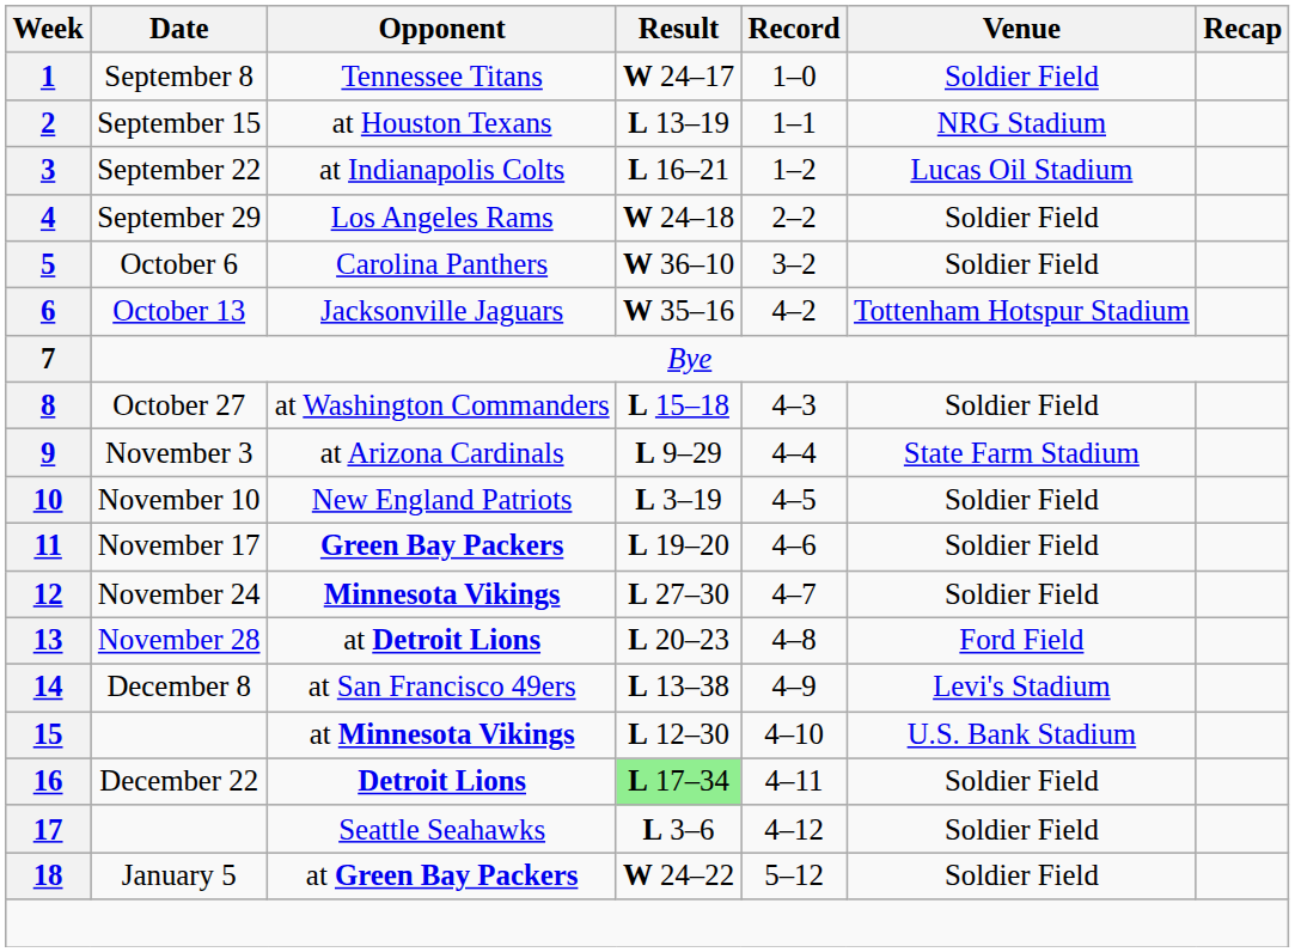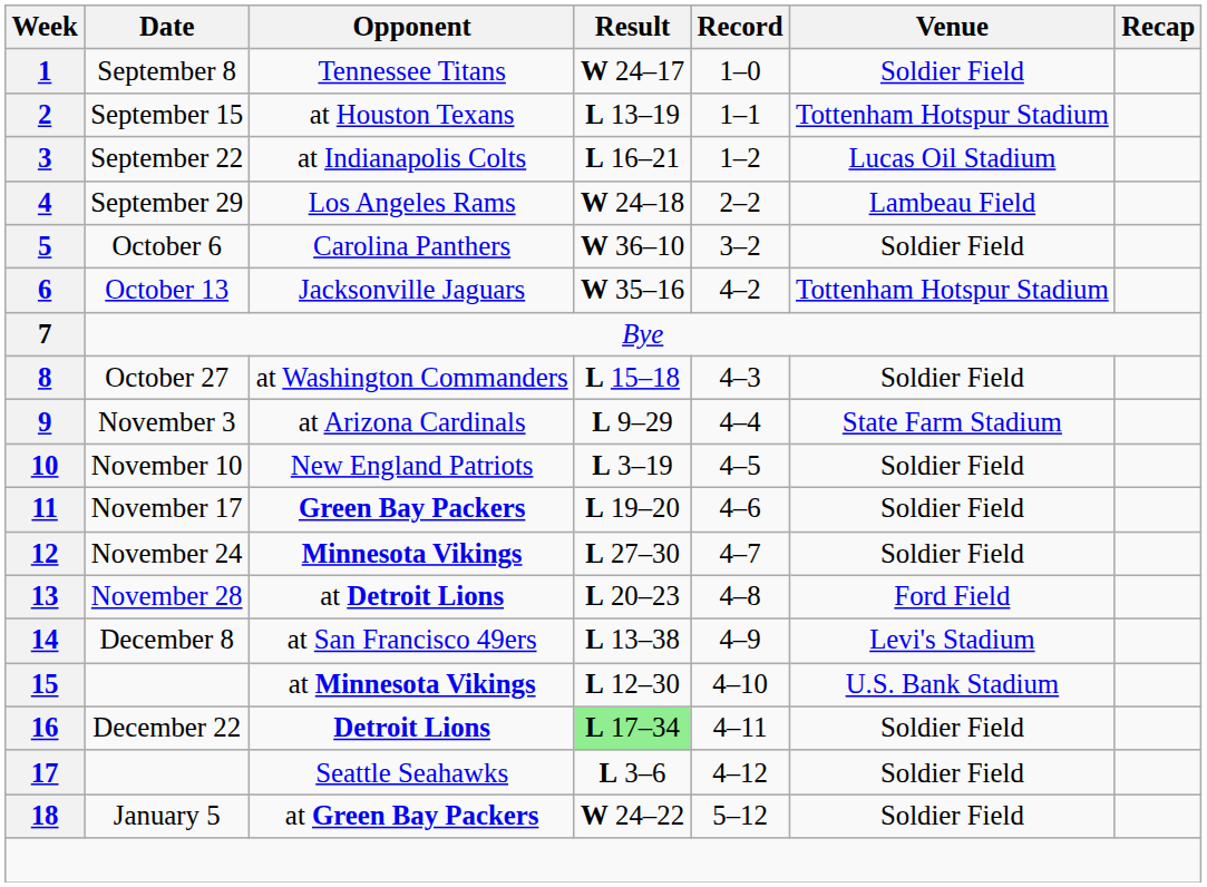 <table class="wikitable" style="text-align:center">
 <tr>
 <th>Week</th>
 <th>Date</th>
 <th>Opponent</th>
 <th>Result</th>
 <th>Record</th>
 <th>Venue</th>
 <th>Recap</th>
 </tr>
 <tr>
 <th><a href='#'>1</a></th>
 <td>September 8</td>
 <td><a href='#'>Tennessee Titans</a></td>
 <td><strong>W</strong> 24–17</td>
 <td>1–0</td>
 <td><a href='#'>Soldier Field</a></td>
 <td></td>
 </tr>
 <tr>
 <th><a href='#'>2</a></th>
 <td>September 15</td>
 <td>at <a href='#'>Houston Texans</a></td>
 <td><strong>L</strong> 13–19</td>
 <td>1–1</td>
-<td><a href='#'>NRG Stadium</a></td>
+<td> <a href='#'>Tottenham Hotspur Stadium</a> </td>
 <td></td>
 </tr>
 <tr>
 <th><a href='#'>3</a></th>
 <td>September 22</td>
 <td>at <a href='#'>Indianapolis Colts</a></td>
 <td><strong>L</strong> 16–21</td>
 <td>1–2</td>
 <td><a href='#'>Lucas Oil Stadium</a></td>
 <td></td>
 </tr>
 <tr>
 <th><a href='#'>4</a></th>
 <td>September 29</td>
 <td><a href='#'>Los Angeles Rams</a></td>
 <td><strong>W</strong> 24–18</td>
 <td>2–2</td>
-<td>Soldier Field</td>
+<td><a href='#'>Lambeau Field</a></td>
 <td></td>
 </tr>
 <tr>
 <th><a href='#'>5</a></th>
 <td>October 6</td>
 <td><a href='#'>Carolina Panthers</a></td>
 <td><strong>W</strong> 36–10</td>
 <td>3–2</td>
 <td>Soldier Field</td>
 <td></td>
 </tr>
 <tr>
 <th><a href='#'>6</a></th>
 <td><a href='#'>October 13</a></td>
 <td><a href='#'>Jacksonville Jaguars</a></td>
 <td><strong>W</strong> 35–16</td>
 <td>4–2</td>
 <td> <a href='#'>Tottenham Hotspur Stadium</a> </td>
 <td></td>
 </tr>
 <tr>
 <th>7</th>
 <td colspan="6"><em><a href='#'>Bye</a></em></td>
 </tr>
 <tr>
 <th><a href='#'>8</a></th>
 <td>October 27</td>
 <td>at <a href='#'>Washington Commanders</a></td>
 <td><strong>L</strong> <a href='#'>15–18</a></td>
 <td>4–3</td>
 <td>Soldier Field</td>
 <td></td>
 </tr>
 <tr>
 <th><a href='#'>9</a></th>
 <td>November 3</td>
 <td>at <a href='#'>Arizona Cardinals</a></td>
 <td><strong>L</strong> 9–29</td>
 <td>4–4</td>
 <td><a href='#'>State Farm Stadium</a></td>
 <td></td>
 </tr>
 <tr>
 <th><a href='#'>10</a></th>
 <td>November 10</td>
 <td><a href='#'>New England Patriots</a></td>
 <td><strong>L</strong> 3–19</td>
 <td>4–5</td>
 <td>Soldier Field</td>
 <td></td>
 </tr>
 <tr>
 <th><a href='#'>11</a></th>
 <td>November 17</td>
 <td><strong><a href='#'>Green Bay Packers</a></strong></td>
 <td><strong>L</strong> 19–20</td>
 <td>4–6</td>
 <td>Soldier Field</td>
 <td></td>
 </tr>
 <tr>
 <th><a href='#'>12</a></th>
 <td>November 24</td>
 <td><strong><a href='#'>Minnesota Vikings</a></strong></td>
 <td><strong>L</strong> 27–30 </td>
 <td>4–7</td>
 <td>Soldier Field</td>
 <td></td>
 </tr>
 <tr>
 <th><a href='#'>13</a></th>
 <td><a href='#'>November 28</a></td>
 <td>at <strong><a href='#'>Detroit Lions</a></strong></td>
 <td><strong>L</strong> 20–23</td>
 <td>4–8</td>
 <td><a href='#'>Ford Field</a></td>
 <td></td>
 </tr>
 <tr>
 <th><a href='#'>14</a></th>
 <td>December 8</td>
 <td>at <a href='#'>San Francisco 49ers</a></td>
 <td><strong>L</strong> 13–38</td>
 <td>4–9</td>
 <td><a href='#'>Levi's Stadium</a></td>
 <td></td>
 </tr>
 <tr>
 <th><a href='#'>15</a></th>
 <td></td>
 <td>at <strong><a href='#'>Minnesota Vikings</a></strong></td>
 <td><strong>L</strong> 12–30</td>
 <td>4–10</td>
 <td><a href='#'>U.S. Bank Stadium</a></td>
 <td></td>
 </tr>
 <tr>
 <th><a href='#'>16</a></th>
 <td>December 22</td>
 <td><strong><a href='#'>Detroit Lions</a></strong></td>
 <td style="background: lightgreen;"><strong>L</strong> 17–34</td>
 <td>4–11</td>
 <td>Soldier Field</td>
 <td></td>
 </tr>
 <tr>
 <th><a href='#'>17</a></th>
 <td></td>
 <td><a href='#'>Seattle Seahawks</a></td>
 <td><strong>L</strong> 3–6</td>
 <td>4–12</td>
 <td>Soldier Field</td>
 <td></td>
 </tr>
 <tr>
 <th><a href='#'>18</a></th>
 <td>January 5</td>
 <td>at <strong><a href='#'>Green Bay Packers</a></strong></td>
 <td><strong>W</strong> 24–22</td>
 <td>5–12</td>
 <td>Soldier Field</td>
 <td></td>
 </tr>
 <tr>
 <td colspan=9><br></td>
 </tr>
 </table>
